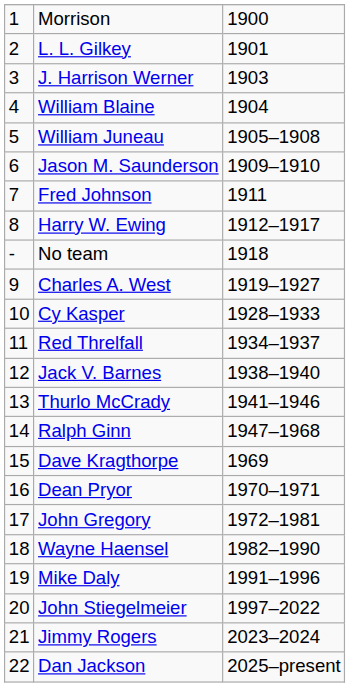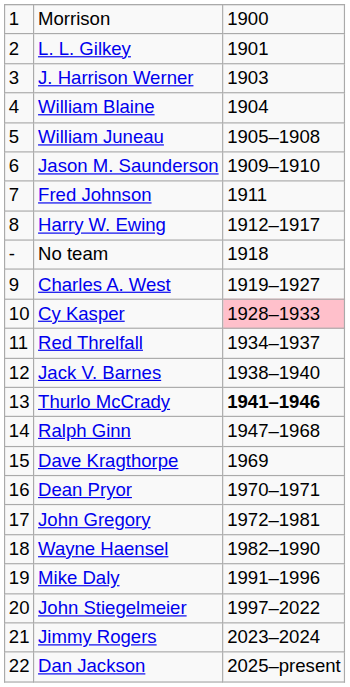 <table class="wikitable">
 <tr>
 </tr>
 <tr>
 <td>1</td>
 <td>Morrison</td>
 <td>1900</td>
 </tr>
 <tr>
 <td>2</td>
 <td><a href='#'>L. L. Gilkey</a></td>
 <td>1901</td>
 </tr>
 <tr>
 <td>3</td>
 <td><a href='#'>J. Harrison Werner</a></td>
 <td>1903</td>
 </tr>
 <tr>
 <td>4</td>
 <td><a href='#'>William Blaine</a></td>
 <td>1904</td>
 </tr>
 <tr>
 <td>5</td>
 <td><a href='#'>William Juneau</a></td>
 <td>1905–1908</td>
 </tr>
 <tr>
 <td>6</td>
 <td><a href='#'>Jason M. Saunderson</a></td>
 <td>1909–1910</td>
 </tr>
 <tr>
 <td>7</td>
 <td><a href='#'>Fred Johnson</a></td>
 <td>1911</td>
 </tr>
 <tr>
 <td>8</td>
 <td><a href='#'>Harry W. Ewing</a></td>
 <td>1912–1917</td>
 </tr>
 <tr>
 <td>-</td>
 <td>No team</td>
 <td>1918</td>
 </tr>
 <tr>
 <td>9</td>
 <td><a href='#'>Charles A. West</a></td>
 <td>1919–1927</td>
 </tr>
 <tr>
 <td>10</td>
 <td><a href='#'>Cy Kasper</a></td>
-<td>1928–1933</td>
+<td style="background: pink;">1928–1933</td>
 </tr>
 <tr>
 <td>11</td>
 <td><a href='#'>Red Threlfall</a></td>
 <td>1934–1937</td>
 </tr>
 <tr>
 <td>12</td>
 <td><a href='#'>Jack V. Barnes</a></td>
 <td>1938–1940</td>
 </tr>
 <tr>
 <td>13</td>
 <td><a href='#'>Thurlo McCrady</a></td>
-<td>1941–1946</td>
+<td><strong>1941–1946</strong></td>
 </tr>
 <tr>
 <td>14</td>
 <td><a href='#'>Ralph Ginn</a></td>
 <td>1947–1968</td>
 </tr>
 <tr>
 <td>15</td>
 <td><a href='#'>Dave Kragthorpe</a></td>
 <td>1969</td>
 </tr>
 <tr>
 <td>16</td>
 <td><a href='#'>Dean Pryor</a></td>
 <td>1970–1971</td>
 </tr>
 <tr>
 <td>17</td>
 <td><a href='#'>John Gregory</a></td>
 <td>1972–1981</td>
 </tr>
 <tr>
 <td>18</td>
 <td><a href='#'>Wayne Haensel</a></td>
 <td>1982–1990</td>
 </tr>
 <tr>
 <td>19</td>
 <td><a href='#'>Mike Daly</a></td>
 <td>1991–1996</td>
 </tr>
 <tr>
 <td>20</td>
 <td><a href='#'>John Stiegelmeier</a></td>
 <td>1997–2022</td>
 </tr>
 <tr>
 <td>21</td>
 <td><a href='#'>Jimmy Rogers</a></td>
 <td>2023–2024</td>
 </tr>
 <tr>
 <td>22</td>
 <td><a href='#'>Dan Jackson</a></td>
 <td>2025–present</td>
 </tr>
 </table>
